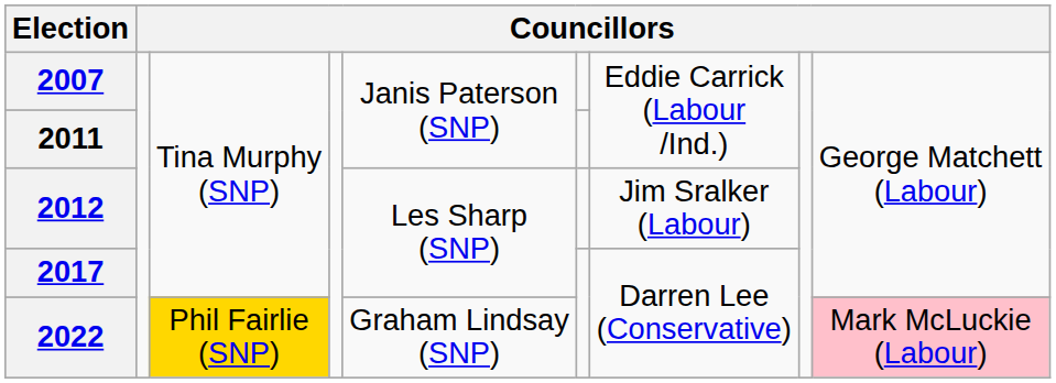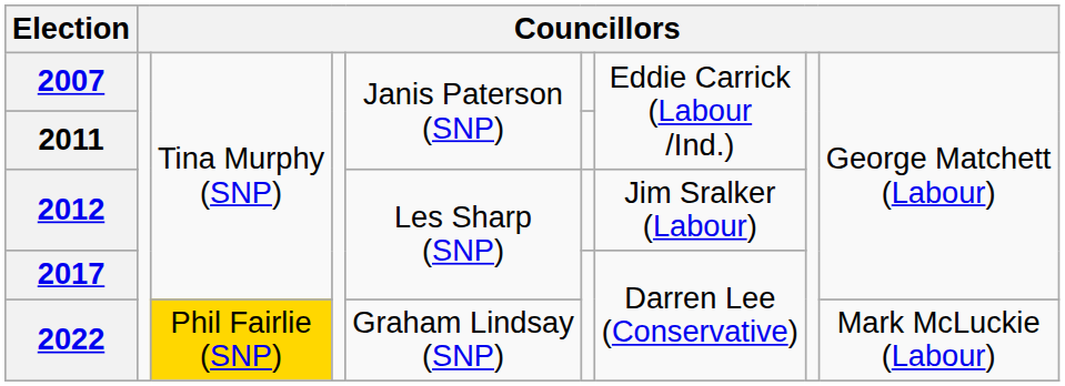 <table class="wikitable" style="text-align:center">
 <tr>
 <th>Election</th>
 <th colspan=8>Councillors</th>
 </tr>
 <tr>
 <th><a href='#'>2007</a></th>
 <td rowspan=5; style="background-color: "></td>
 <td rowspan=4>Tina Murphy<br>(<a href='#'>SNP</a>)</td>
 <td rowspan=5; style="background-color: "></td>
 <td rowspan=2>Janis Paterson<br>(<a href='#'>SNP</a>)</td>
 <td rowspan=1; style="background-color: "></td>
 <td rowspan=2>Eddie Carrick<br>(<a href='#'>Labour</a><br>/Ind.)</td>
 <td rowspan=5; style="background-color: "></td>
 <td rowspan=4>George Matchett<br>(<a href='#'>Labour</a>)</td>
 </tr>
 <tr>
 <th>2011</th>
 <td rowspan=1; style="background-color: "></td>
 </tr>
 <tr>
 <th><a href='#'>2012</a></th>
 <td rowspan=2>Les Sharp<br>(<a href='#'>SNP</a>)</td>
 <td rowspan=1; style="background-color: "></td>
 <td rowspan=1>Jim Sralker<br>(<a href='#'>Labour</a>)</td>
 </tr>
 <tr>
 <th><a href='#'>2017</a></th>
 <td rowspan=2; style="background-color: "></td>
 <td rowspan=2>Darren Lee<br>(<a href='#'>Conservative</a>)</td>
 </tr>
 <tr>
 <th><a href='#'>2022</a></th>
 <td rowspan=1 style="background: gold;">Phil Fairlie<br>(<a href='#'>SNP</a>)</td>
 <td rowspan=1>Graham Lindsay<br>(<a href='#'>SNP</a>)</td>
-<td rowspan=1 style="background: pink;">Mark McLuckie<br>(<a href='#'>Labour</a>)</td>
+<td rowspan=1>Mark McLuckie<br>(<a href='#'>Labour</a>)</td>
 </tr>
 </table>
